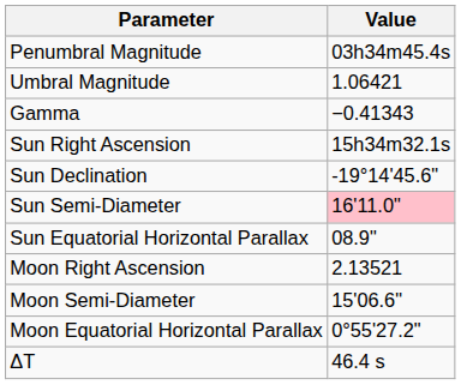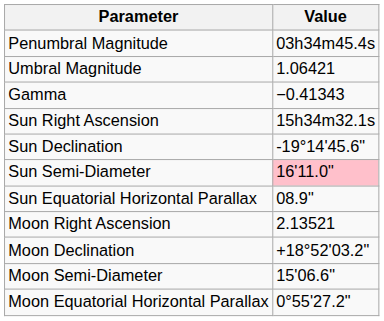 <table class="wikitable">
 <tr>
 <th>Parameter</th>
 <th>Value</th>
 </tr>
 <tr>
 <td>Penumbral Magnitude</td>
 <td>03h34m45.4s</td>
 </tr>
 <tr>
 <td>Umbral Magnitude</td>
 <td>1.06421</td>
 </tr>
 <tr>
 <td>Gamma</td>
 <td>−0.41343</td>
 </tr>
 <tr>
 <td>Sun Right Ascension</td>
 <td>15h34m32.1s</td>
 </tr>
 <tr>
 <td>Sun Declination</td>
 <td>-19°14'45.6"</td>
 </tr>
 <tr>
 <td>Sun Semi-Diameter</td>
 <td style="background: pink;">16'11.0"</td>
 </tr>
 <tr>
 <td>Sun Equatorial Horizontal Parallax</td>
 <td>08.9"</td>
 </tr>
 <tr>
 <td>Moon Right Ascension</td>
 <td>2.13521</td>
 </tr>
 <tr>
+<td>Moon Declination</td>
+<td>+18°52'03.2"</td>
+</tr>
+<tr>
 <td>Moon Semi-Diameter</td>
 <td>15'06.6"</td>
 </tr>
 <tr>
 <td>Moon Equatorial Horizontal Parallax</td>
 <td>0°55'27.2"</td>
 </tr>
-<tr>
-<td>ΔT</td>
-<td>46.4 s</td>
-</tr>
 </table>
